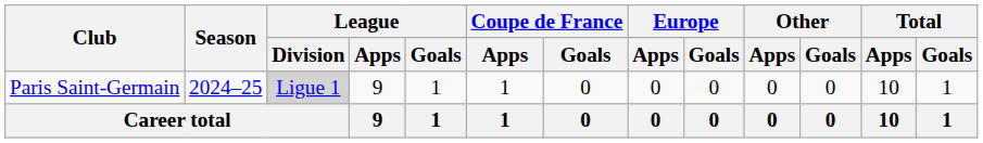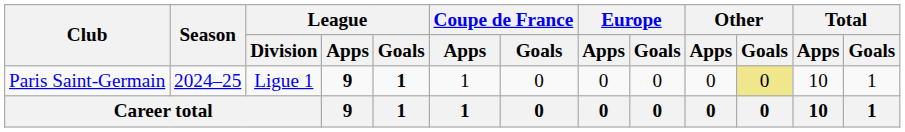 <table class="wikitable" style="text-align: center">
 <tr>
 <th rowspan="2">Club</th>
 <th rowspan="2">Season</th>
 <th colspan="3">League</th>
 <th colspan="2"><a href='#'>Coupe de France</a></th>
 <th colspan="2"><a href='#'>Europe</a></th>
 <th colspan="2">Other</th>
 <th colspan="2">Total</th>
 </tr>
 <tr>
 <th>Division</th>
 <th>Apps</th>
 <th>Goals</th>
 <th>Apps</th>
 <th>Goals</th>
 <th>Apps</th>
 <th>Goals</th>
 <th>Apps</th>
 <th>Goals</th>
 <th>Apps</th>
 <th>Goals</th>
 </tr>
 <tr>
 <td><a href='#'>Paris Saint-Germain</a></td>
 <td><a href='#'>2024–25</a></td>
-<td style="background: lightgrey;"><a href='#'>Ligue 1</a></td>
-<td>9</td>
-<td>1</td>
+<td><a href='#'>Ligue 1</a></td>
+<td><strong>9</strong></td>
+<td><strong>1</strong></td>
 <td>1</td>
 <td>0</td>
 <td>0</td>
 <td>0</td>
 <td>0</td>
-<td>0</td>
+<td style="background: khaki;">0</td>
 <td>10</td>
 <td>1</td>
 </tr>
 <tr>
 <th colspan="3">Career total</th>
 <th>9</th>
 <th>1</th>
 <th>1</th>
 <th>0</th>
 <th>0</th>
 <th>0</th>
 <th>0</th>
 <th>0</th>
 <th>10</th>
 <th>1</th>
 </tr>
 </table>
